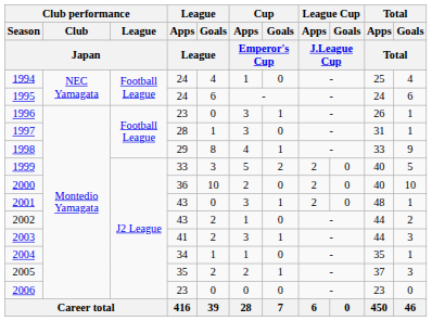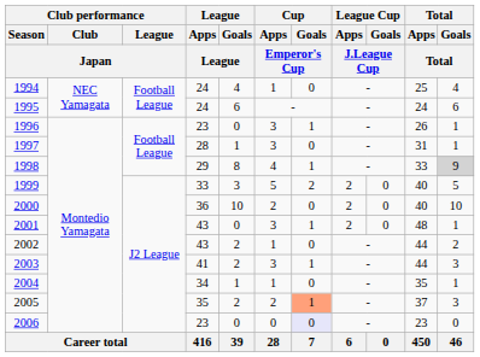 <table class="wikitable" style="text-align:center">
 <tr>
 <th colspan=3>Club performance</th>
 <th colspan=2>League</th>
 <th colspan=2>Cup</th>
 <th colspan=2>League Cup</th>
 <th colspan=2>Total</th>
 </tr>
 <tr>
 <th>Season</th>
 <th>Club</th>
 <th>League</th>
 <th>Apps</th>
 <th>Goals</th>
 <th>Apps</th>
 <th>Goals</th>
 <th>Apps</th>
 <th>Goals</th>
 <th>Apps</th>
 <th>Goals</th>
 </tr>
 <tr>
 <th colspan=3>Japan</th>
 <th colspan=2>League</th>
 <th colspan=2><a href='#'>Emperor's Cup</a></th>
 <th colspan=2><a href='#'>J.League Cup</a></th>
 <th colspan=2>Total</th>
 </tr>
 <tr>
 <td><a href='#'>1994</a></td>
 <td rowspan="2"><a href='#'>NEC Yamagata</a></td>
 <td rowspan="2"><a href='#'>Football League</a></td>
 <td>24</td>
 <td>4</td>
 <td>1</td>
 <td>0</td>
 <td colspan="2">-</td>
 <td>25</td>
 <td>4</td>
 </tr>
 <tr>
 <td><a href='#'>1995</a></td>
 <td>24</td>
 <td>6</td>
 <td colspan="2">-</td>
 <td colspan="2">-</td>
 <td>24</td>
 <td>6</td>
 </tr>
 <tr>
 <td><a href='#'>1996</a></td>
 <td rowspan="11"><a href='#'>Montedio Yamagata</a></td>
 <td rowspan="3"><a href='#'>Football League</a></td>
 <td>23</td>
 <td>0</td>
 <td>3</td>
 <td>1</td>
 <td colspan="2">-</td>
 <td>26</td>
 <td>1</td>
 </tr>
 <tr>
 <td><a href='#'>1997</a></td>
 <td>28</td>
 <td>1</td>
 <td>3</td>
 <td>0</td>
 <td colspan="2">-</td>
 <td>31</td>
 <td>1</td>
 </tr>
 <tr>
 <td><a href='#'>1998</a></td>
 <td>29</td>
 <td>8</td>
 <td>4</td>
 <td>1</td>
 <td colspan="2">-</td>
 <td>33</td>
-<td>9</td>
+<td style="background: lightgrey;">9</td>
 </tr>
 <tr>
 <td><a href='#'>1999</a></td>
 <td rowspan="8"><a href='#'>J2 League</a></td>
 <td>33</td>
 <td>3</td>
 <td>5</td>
 <td>2</td>
 <td>2</td>
 <td>0</td>
 <td>40</td>
 <td>5</td>
 </tr>
 <tr>
 <td><a href='#'>2000</a></td>
 <td>36</td>
 <td>10</td>
 <td>2</td>
 <td>0</td>
 <td>2</td>
 <td>0</td>
 <td>40</td>
 <td>10</td>
 </tr>
 <tr>
 <td><a href='#'>2001</a></td>
 <td>43</td>
 <td>0</td>
 <td>3</td>
 <td>1</td>
 <td>2</td>
 <td>0</td>
 <td>48</td>
 <td>1</td>
 </tr>
 <tr>
 <td>2002</td>
 <td>43</td>
 <td>2</td>
 <td>1</td>
 <td>0</td>
 <td colspan="2">-</td>
 <td>44</td>
 <td>2</td>
 </tr>
 <tr>
 <td><a href='#'>2003</a></td>
 <td>41</td>
 <td>2</td>
 <td>3</td>
 <td>1</td>
 <td colspan="2">-</td>
 <td>44</td>
 <td>3</td>
 </tr>
 <tr>
 <td><a href='#'>2004</a></td>
 <td>34</td>
 <td>1</td>
 <td>1</td>
 <td>0</td>
 <td colspan="2">-</td>
 <td>35</td>
 <td>1</td>
 </tr>
 <tr>
 <td>2005</td>
 <td>35</td>
 <td>2</td>
 <td>2</td>
-<td>1</td>
+<td style="background: lightsalmon;">1</td>
 <td colspan="2">-</td>
 <td>37</td>
 <td>3</td>
 </tr>
 <tr>
 <td><a href='#'>2006</a></td>
 <td>23</td>
 <td>0</td>
 <td>0</td>
-<td>0</td>
+<td style="background: lavender;">0</td>
 <td colspan="2">-</td>
 <td>23</td>
 <td>0</td>
 </tr>
 <tr>
 <th colspan=3>Career total</th>
 <th>416</th>
 <th>39</th>
 <th>28</th>
 <th>7</th>
 <th>6</th>
 <th>0</th>
 <th>450</th>
 <th>46</th>
 </tr>
 </table>
